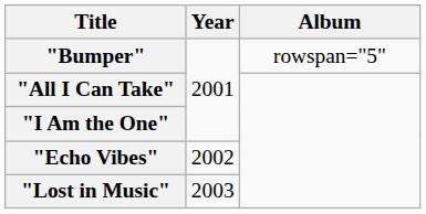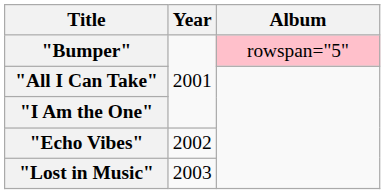 <table class="wikitable plainrowheaders" style="text-align:center;">
 <tr>
 <th scope="col" style="width:8em;">Title</th>
 <th scope="col" style="width:1em;">Year</th>
 <th scope="col" style="width:8em;">Album</th>
 </tr>
 <tr>
 <th scope="row">"Bumper"</th>
 <td rowspan="3">2001</td>
-<td>rowspan="5" </td>
+<td style="background: pink;">rowspan="5" </td>
 </tr>
 <tr>
 <th scope="row">"All I Can Take"</th>
 </tr>
 <tr>
 <th scope="row">"I Am the One"</th>
 </tr>
 <tr>
 <th scope="row">"Echo Vibes"</th>
 <td>2002</td>
 </tr>
 <tr>
 <th scope="row">"Lost in Music"</th>
 <td>2003</td>
 </tr>
 </table>
